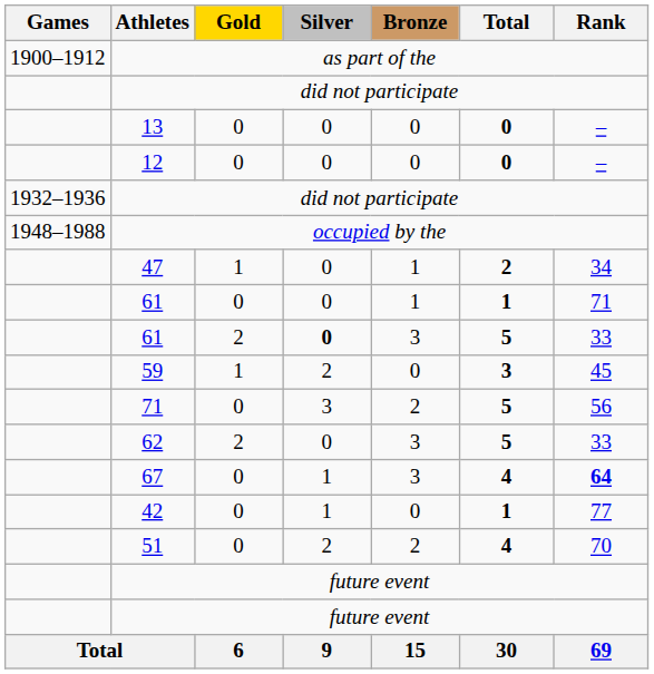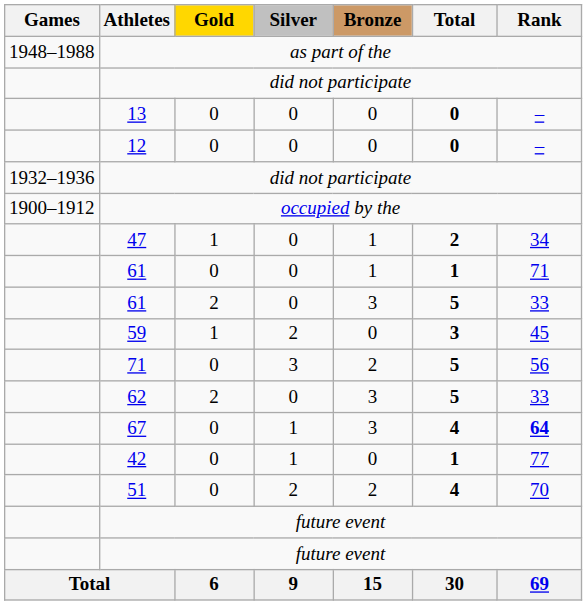 <table class="wikitable" style="text-align:center; font-size:90%;">
 <tr>
 <th>Games</th>
 <th>Athletes</th>
 <td style="background:gold; width:3.7em; font-weight:bold;">Gold</td>
 <td style="background:silver; width:3.7em; font-weight:bold;">Silver</td>
 <td style="background:#cc9966; width:3.7em; font-weight:bold;">Bronze</td>
 <th style="width:4em; font-weight:bold;">Total</th>
 <th style="width:4em; font-weight:bold;">Rank</th>
 </tr>
 <tr>
-<td align=left>1900–1912</td>
+<td align=left>1948–1988</td>
 <td colspan=6><em>as part of the </em></td>
 </tr>
 <tr>
 <td align=left> </td>
 <td colspan=6><em>did not participate</em></td>
 </tr>
 <tr>
 <td align=left> </td>
 <td><a href='#'>13</a></td>
 <td>0</td>
 <td>0</td>
 <td>0</td>
 <td><strong>0</strong></td>
 <td><a href='#'>–</a></td>
 </tr>
 <tr>
 <td align=left> </td>
 <td><a href='#'>12</a></td>
 <td>0</td>
 <td>0</td>
 <td>0</td>
 <td><strong>0</strong></td>
 <td><a href='#'>–</a></td>
 </tr>
 <tr>
 <td align=left>1932–1936</td>
 <td colspan=6><em>did not participate</em></td>
 </tr>
 <tr>
-<td align=left>1948–1988</td>
+<td align=left>1900–1912</td>
 <td colspan=6><em><a href='#'>occupied</a> by the </em></td>
 </tr>
 <tr>
 <td align=left> </td>
 <td><a href='#'>47</a></td>
 <td>1</td>
 <td>0</td>
 <td>1</td>
 <td><strong>2</strong></td>
 <td><a href='#'>34</a></td>
 </tr>
 <tr>
 <td align=left> </td>
 <td><a href='#'>61</a></td>
 <td>0</td>
 <td>0</td>
 <td>1</td>
 <td><strong>1</strong></td>
 <td><a href='#'>71</a></td>
 </tr>
 <tr>
 <td align=left> </td>
 <td><a href='#'>61</a></td>
 <td>2</td>
-<td><strong>0</strong></td>
+<td>0</td>
 <td>3</td>
 <td><strong>5</strong></td>
 <td><a href='#'>33</a></td>
 </tr>
 <tr>
 <td align=left> </td>
 <td><a href='#'>59</a></td>
 <td>1</td>
 <td>2</td>
 <td>0</td>
 <td><strong>3</strong></td>
 <td><a href='#'>45</a></td>
 </tr>
 <tr>
 <td align=left> </td>
 <td><a href='#'>71</a></td>
 <td>0</td>
 <td>3</td>
 <td>2</td>
 <td><strong>5</strong></td>
 <td><a href='#'>56</a></td>
 </tr>
 <tr>
 <td align=left> </td>
 <td><a href='#'>62</a></td>
 <td>2</td>
 <td>0</td>
 <td>3</td>
 <td><strong>5</strong></td>
 <td><a href='#'>33</a></td>
 </tr>
 <tr>
 <td align=left> </td>
 <td><a href='#'>67</a></td>
 <td>0</td>
 <td>1</td>
 <td>3</td>
 <td><strong>4</strong></td>
 <td><strong><a href='#'>64</a></strong></td>
 </tr>
 <tr>
 <td align=left> </td>
 <td><a href='#'>42</a></td>
 <td>0</td>
 <td>1</td>
 <td>0</td>
 <td><strong>1</strong></td>
 <td><a href='#'>77</a></td>
 </tr>
 <tr>
 <td align=left> </td>
 <td><a href='#'>51</a></td>
 <td>0</td>
 <td>2</td>
 <td>2</td>
 <td><strong>4</strong></td>
 <td><a href='#'>70</a></td>
 </tr>
 <tr>
 <td align=left> </td>
 <td colspan=6><em>future event</em></td>
 </tr>
 <tr>
 <td align=left> </td>
 <td colspan=6><em>future event</em></td>
 </tr>
 <tr ->
 <th colspan=2>Total</th>
 <th>6</th>
 <th>9</th>
 <th>15</th>
 <th>30</th>
 <th><a href='#'>69</a></th>
 </tr>
 </table>
